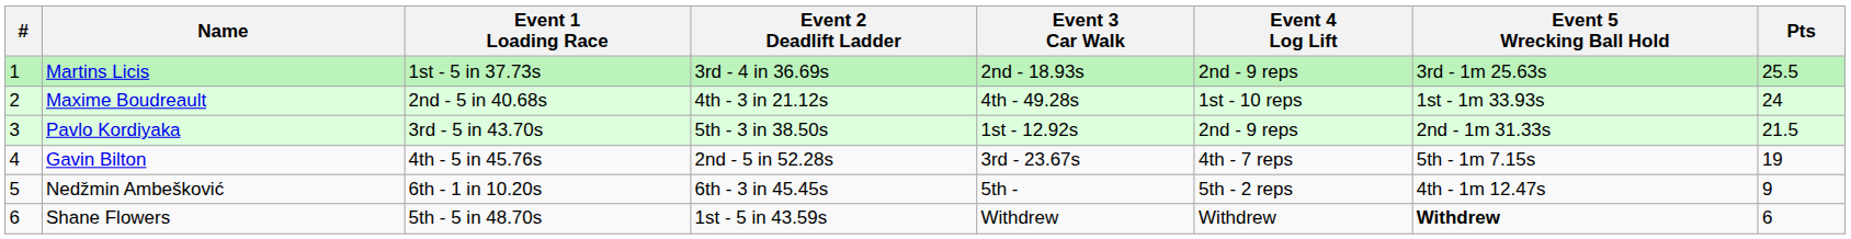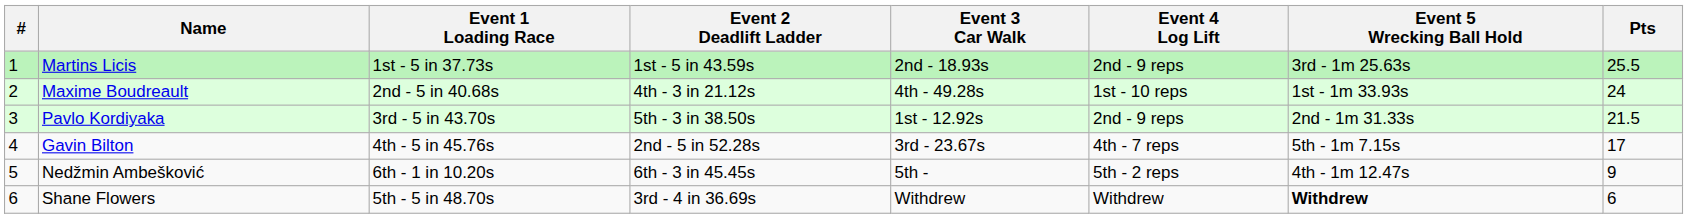 <table class="wikitable sortable" style="display: inline-table;width: 100%;">
 <tr>
 <th>#</th>
 <th>Name</th>
 <th>Event 1<br>Loading Race</th>
 <th>Event 2<br>Deadlift Ladder</th>
 <th>Event 3<br>Car Walk</th>
 <th>Event 4<br>Log Lift</th>
 <th>Event 5<br>Wrecking Ball Hold</th>
 <th>Pts</th>
 </tr>
 <tr bgcolor=bbf3bb>
 <td>1</td>
 <td> <a href='#'>Martins Licis</a></td>
 <td>1st - 5 in 37.73s</td>
-<td>3rd - 4 in 36.69s</td>
+<td>1st - 5 in 43.59s</td>
 <td>2nd - 18.93s</td>
 <td>2nd - 9 reps</td>
 <td>3rd - 1m 25.63s</td>
 <td>25.5</td>
 </tr>
 <tr bgcolor=ddffdd>
 <td>2</td>
 <td> <a href='#'>Maxime Boudreault</a></td>
 <td>2nd - 5 in 40.68s</td>
 <td>4th - 3 in 21.12s</td>
 <td>4th - 49.28s</td>
 <td>1st - 10 reps</td>
 <td>1st - 1m 33.93s</td>
 <td>24</td>
 </tr>
 <tr bgcolor=ddffdd>
 <td>3</td>
 <td> <a href='#'>Pavlo Kordiyaka</a></td>
 <td>3rd - 5 in 43.70s</td>
 <td>5th - 3 in 38.50s</td>
 <td>1st - 12.92s</td>
 <td>2nd - 9 reps</td>
 <td>2nd - 1m 31.33s</td>
 <td>21.5</td>
 </tr>
 <tr>
 <td>4</td>
 <td> <a href='#'>Gavin Bilton</a></td>
 <td>4th - 5 in 45.76s</td>
 <td>2nd - 5 in 52.28s</td>
 <td>3rd - 23.67s</td>
 <td>4th - 7 reps</td>
 <td>5th - 1m 7.15s</td>
-<td>19</td>
+<td>17</td>
 </tr>
 <tr>
 <td>5</td>
 <td> Nedžmin Ambešković</td>
 <td>6th - 1 in 10.20s</td>
 <td>6th - 3 in 45.45s</td>
 <td>5th - </td>
 <td>5th - 2 reps</td>
 <td>4th - 1m 12.47s</td>
 <td>9</td>
 </tr>
 <tr>
 <td>6</td>
 <td> Shane Flowers</td>
 <td>5th - 5 in 48.70s</td>
-<td>1st - 5 in 43.59s</td>
+<td>3rd - 4 in 36.69s</td>
 <td>Withdrew</td>
 <td>Withdrew</td>
 <td><strong>Withdrew</strong></td>
 <td>6</td>
 </tr>
 </table>
